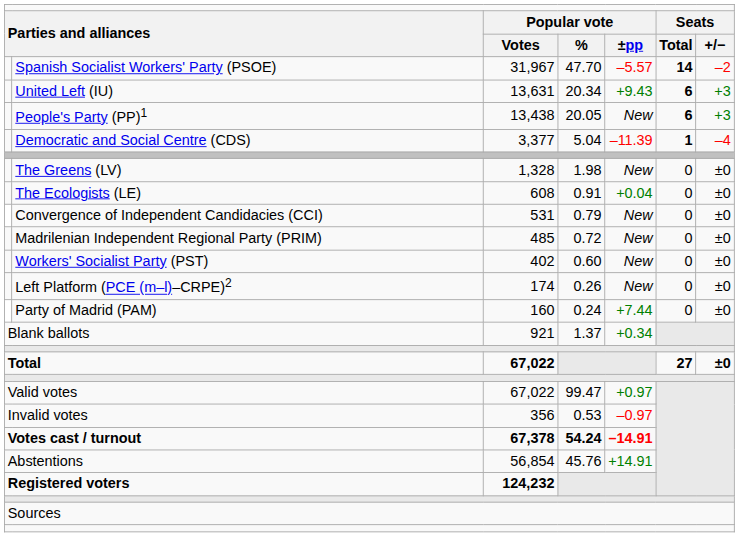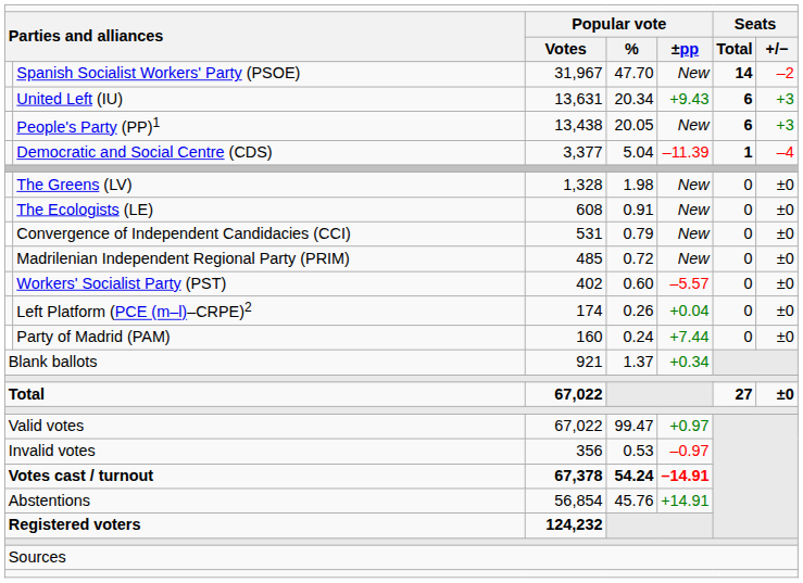 <table class="wikitable" style="text-align:right;">
 <tr>
 <td colspan="7"></td>
 </tr>
 <tr>
 <th style="text-align:left;" rowspan="2" colspan="2" width="525">Parties and alliances</th>
 <th colspan="3">Popular vote</th>
 <th colspan="2">Seats</th>
 </tr>
 <tr>
 <th width="75">Votes</th>
 <th width="45">%</th>
 <th width="45">±<a href='#'>pp</a></th>
 <th width="35">Total</th>
 <th width="35">+/−</th>
 </tr>
 <tr>
 <td width="1" style="color:inherit;background:"></td>
 <td align="left"><a href='#'>Spanish Socialist Workers' Party</a> (PSOE)</td>
 <td>31,967</td>
 <td>47.70</td>
-<td style="color:red;">–5.57</td>
+<td><em>New</em></td>
 <td><strong>14</strong></td>
 <td style="color:red;">–2</td>
 </tr>
 <tr>
 <td style="color:inherit;background:"></td>
 <td align="left"><a href='#'>United Left</a> (IU)</td>
 <td>13,631</td>
 <td>20.34</td>
 <td style="color:green;">+9.43</td>
 <td><strong>6</strong></td>
 <td style="color:green;">+3</td>
 </tr>
 <tr>
 <td style="color:inherit;background:"></td>
 <td align="left"><a href='#'>People's Party</a> (PP)<sup>1</sup></td>
 <td>13,438</td>
 <td>20.05</td>
 <td><em>New</em></td>
 <td><strong>6</strong></td>
 <td style="color:green;">+3</td>
 </tr>
 <tr>
 <td style="color:inherit;background:"></td>
 <td align="left"><a href='#'>Democratic and Social Centre</a> (CDS)</td>
 <td>3,377</td>
 <td>5.04</td>
 <td style="color:red;">–11.39</td>
 <td><strong>1</strong></td>
 <td style="color:red;">–4</td>
 </tr>
 <tr>
 <td colspan="7" bgcolor="#C0C0C0"></td>
 </tr>
 <tr>
 <td style="color:inherit;background:"></td>
 <td align="left"><a href='#'>The Greens</a> (LV)</td>
 <td>1,328</td>
 <td>1.98</td>
 <td><em>New</em></td>
 <td>0</td>
 <td>±0</td>
 </tr>
 <tr>
 <td style="color:inherit;background:"></td>
 <td align="left"><a href='#'>The Ecologists</a> (LE)</td>
 <td>608</td>
 <td>0.91</td>
-<td style="color:green;">+0.04</td>
+<td><em>New</em></td>
 <td>0</td>
 <td>±0</td>
 </tr>
 <tr>
 <td bgcolor="white"></td>
 <td align="left">Convergence of Independent Candidacies (CCI)</td>
 <td>531</td>
 <td>0.79</td>
 <td><em>New</em></td>
 <td>0</td>
 <td>±0</td>
 </tr>
 <tr>
 <td style="color:inherit;background:"></td>
 <td align="left">Madrilenian Independent Regional Party (PRIM)</td>
 <td>485</td>
 <td>0.72</td>
 <td><em>New</em></td>
 <td>0</td>
 <td>±0</td>
 </tr>
 <tr>
 <td style="color:inherit;background:"></td>
 <td align="left"><a href='#'>Workers' Socialist Party</a> (PST)</td>
 <td>402</td>
 <td>0.60</td>
-<td><em>New</em></td>
+<td style="color:red;">–5.57</td>
 <td>0</td>
 <td>±0</td>
 </tr>
 <tr>
 <td style="color:inherit;background:"></td>
 <td align="left">Left Platform (<a href='#'>PCE (m–l)</a>–CRPE)<sup>2</sup></td>
 <td>174</td>
 <td>0.26</td>
-<td><em>New</em></td>
+<td style="color:green;">+0.04</td>
 <td>0</td>
 <td>±0</td>
 </tr>
 <tr>
 <td bgcolor="white"></td>
 <td align="left">Party of Madrid (PAM)</td>
 <td>160</td>
 <td>0.24</td>
 <td style="color:green;">+7.44</td>
 <td>0</td>
 <td>±0</td>
 </tr>
 <tr>
 <td align="left" colspan="2">Blank ballots</td>
 <td>921</td>
 <td>1.37</td>
 <td style="color:green;">+0.34</td>
 <td bgcolor="#E9E9E9" colspan="2"></td>
 </tr>
 <tr>
 <td colspan="7" bgcolor="#E9E9E9"></td>
 </tr>
 <tr style="font-weight:bold;">
 <td align="left" colspan="2">Total</td>
 <td>67,022</td>
 <td bgcolor="#E9E9E9" colspan="2"></td>
 <td>27</td>
 <td>±0</td>
 </tr>
 <tr>
 <td colspan="7" bgcolor="#E9E9E9"></td>
 </tr>
 <tr>
 <td align="left" colspan="2">Valid votes</td>
 <td>67,022</td>
 <td>99.47</td>
 <td style="color:green;">+0.97</td>
 <td bgcolor="#E9E9E9" colspan="2" rowspan="5"></td>
 </tr>
 <tr>
 <td align="left" colspan="2">Invalid votes</td>
 <td>356</td>
 <td>0.53</td>
 <td style="color:red;">–0.97</td>
 </tr>
 <tr style="font-weight:bold;">
 <td align="left" colspan="2">Votes cast / turnout</td>
 <td>67,378</td>
 <td>54.24</td>
 <td style="color:red;">–14.91</td>
 </tr>
 <tr>
 <td align="left" colspan="2">Abstentions</td>
 <td>56,854</td>
 <td>45.76</td>
 <td style="color:green;">+14.91</td>
 </tr>
 <tr style="font-weight:bold;">
 <td align="left" colspan="2">Registered voters</td>
 <td>124,232</td>
 <td bgcolor="#E9E9E9" colspan="2"></td>
 </tr>
 <tr>
 <td colspan="7" bgcolor="#E9E9E9"></td>
 </tr>
 <tr>
 <td align="left" colspan="7">Sources</td>
 </tr>
 <tr>
 <td colspan="7" style="text-align:left; max-width:790px;"></td>
 </tr>
 </table>
